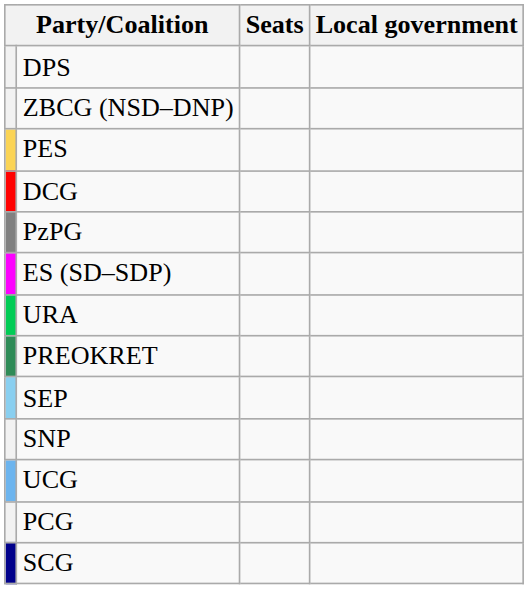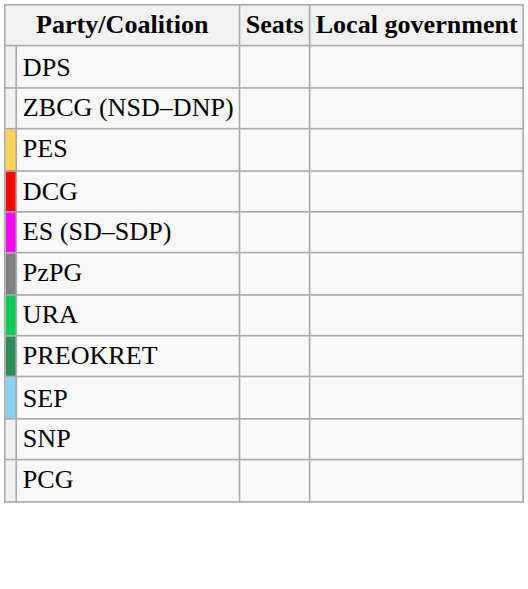 <table class="wikitable" style="text-align:left;">
 <tr>
 <th colspan=2>Party/Coalition</th>
 <th>Seats</th>
 <th>Local government</th>
 </tr>
 <tr>
 <th style="background-color: "></th>
 <td>DPS</td>
 <td></td>
 <td></td>
 </tr>
 <tr>
 <th style="background-color: "></th>
 <td>ZBCG (NSD–DNP)</td>
 <td></td>
 <td></td>
 </tr>
 <tr>
 <th style="background-color: #FBD455"></th>
 <td>PES</td>
 <td></td>
 <td></td>
 </tr>
 <tr>
 <th style="background-color: red"></th>
 <td>DCG</td>
 <td></td>
 <td></td>
 </tr>
 <tr>
-<th style="background-color: gray "></th>
-<td>PzPG</td>
+<th style="background-color: #fd00ff"></th>
+<td>ES (SD–SDP)</td>
 <td></td>
 <td></td>
 </tr>
 <tr>
-<th style="background-color: #fd00ff"></th>
-<td>ES (SD–SDP)</td>
+<th style="background-color: gray "></th>
+<td>PzPG</td>
 <td></td>
 <td></td>
 </tr>
 <tr>
 <th style="background-color: #00cc55"></th>
 <td>URA</td>
 <td></td>
 <td></td>
 </tr>
 <tr>
 <th style="background-color: #2E8B57"></th>
 <td>PREOKRET</td>
 <td></td>
 <td></td>
 </tr>
 <tr>
 <th style="background-color: #89CFF0"></th>
 <td>SEP</td>
 <td></td>
 <td></td>
 </tr>
 <tr>
 <th style="background-color: "></th>
 <td>SNP</td>
 <td></td>
 <td></td>
 </tr>
 <tr>
-<th style="background-color: #6CB4EE"></th>
-<td>UCG</td>
-<td></td>
-<td></td>
-</tr>
-<tr>
 <th style="background-color: "></th>
 <td>PCG</td>
 <td></td>
 <td></td>
 </tr>
-<tr>
-<th style="background-color: #00008B"></th>
-<td>SCG</td>
-<td></td>
-<td></td>
-</tr>
 </table>
